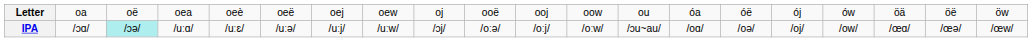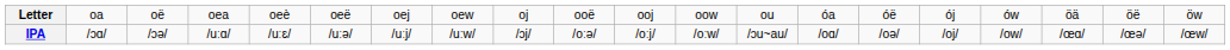 <table class="wikitable" style="table-layout: fixed; width: 100em; text-align: center;">
 <tr>
 <th><strong>Letter</strong></th>
 <td>oa</td>
 <td>oë</td>
 <td>oea</td>
 <td>oeè</td>
 <td>oeë</td>
 <td>oej</td>
 <td>oew</td>
 <td>oj</td>
 <td>ooë</td>
 <td>ooj</td>
 <td>oow</td>
 <td>ou</td>
 <td>óa</td>
 <td>óë</td>
 <td>ój</td>
 <td>ów</td>
 <td>öä</td>
 <td>öë</td>
 <td>öw</td>
 </tr>
 <tr>
 <th><strong><a href='#'>IPA</a></strong></th>
 <td>/ɔɑ/</td>
-<td style="background: paleturquoise;">/ɔə/</td>
+<td>/ɔə/</td>
 <td>/uːɑ/</td>
 <td>/uːɛ/</td>
 <td>/uːə/</td>
 <td>/uːj/</td>
 <td>/uːw/</td>
 <td>/ɔj/</td>
 <td>/oːə/</td>
 <td>/oːj/</td>
 <td>/oːw/</td>
 <td>/ɔu~au/</td>
 <td>/oɑ/</td>
 <td>/oə/</td>
 <td>/oj/</td>
 <td>/ow/</td>
 <td>/œɑ/</td>
 <td>/œə/</td>
 <td>/œw/</td>
 </tr>
 </table>
